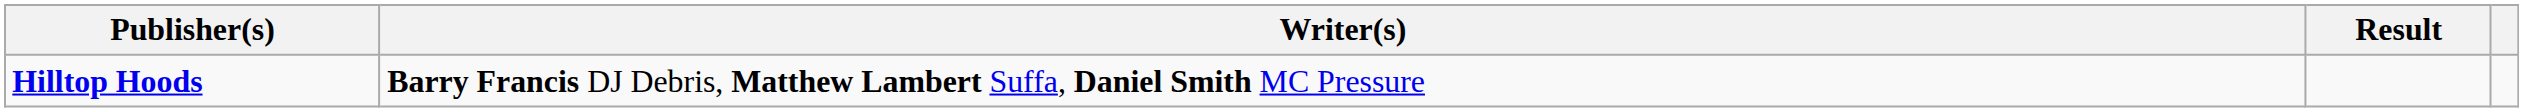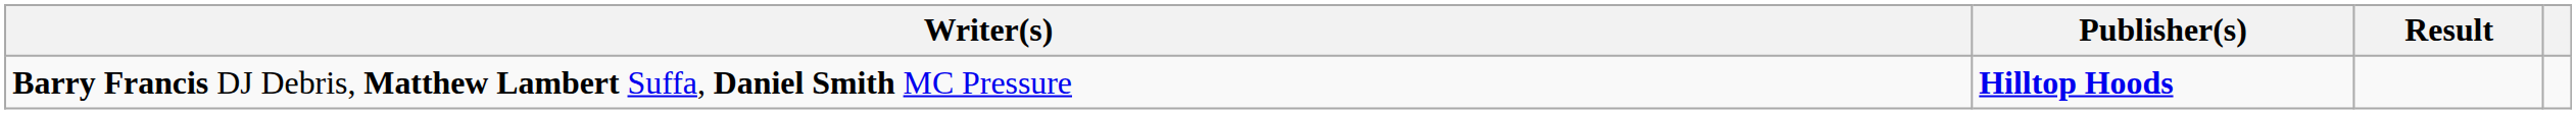 <table class="wikitable" width=100%>
 <tr>
+<th scope="col">Writer(s)</th>
 <th scope="col">Publisher(s)</th>
-<th scope="col">Writer(s)</th>
 <th scope="col">Result</th>
 <th scope="col"></th>
 </tr>
 <tr>
+<td><strong>Barry Francis</strong>  DJ Debris, <strong>Matthew Lambert</strong>  <a href='#'>Suffa</a>, <strong>Daniel Smith</strong>  <a href='#'>MC Pressure</a></td>
 <td><strong><a href='#'>Hilltop Hoods</a></strong></td>
-<td><strong>Barry Francis</strong>  DJ Debris, <strong>Matthew Lambert</strong>  <a href='#'>Suffa</a>, <strong>Daniel Smith</strong>  <a href='#'>MC Pressure</a></td>
 <td></td>
 <td></td>
 </tr>
 </table>
